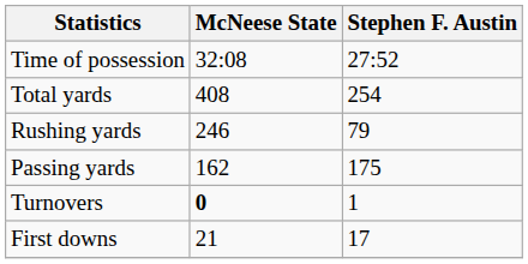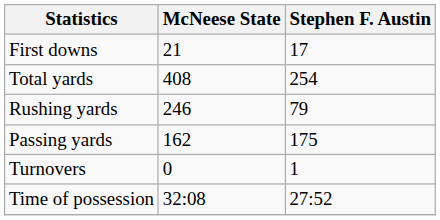 <table class="wikitable">
 <tr>
 <th>Statistics</th>
 <th>McNeese State</th>
 <th>Stephen F. Austin</th>
 </tr>
 <tr>
-<td>Time of possession</td>
-<td>32:08</td>
-<td>27:52</td>
+<td>First downs</td>
+<td>21</td>
+<td>17</td>
 </tr>
 <tr>
 <td>Total yards</td>
 <td>408</td>
 <td>254</td>
 </tr>
 <tr>
 <td>Rushing yards</td>
 <td>246</td>
 <td>79</td>
 </tr>
 <tr>
 <td>Passing yards</td>
 <td>162</td>
 <td>175</td>
 </tr>
 <tr>
 <td>Turnovers</td>
-<td><strong>0</strong></td>
+<td>0</td>
 <td>1</td>
 </tr>
 <tr>
-<td>First downs</td>
-<td>21</td>
-<td>17</td>
+<td>Time of possession</td>
+<td>32:08</td>
+<td>27:52</td>
 </tr>
 <tr>
 </tr>
 </table>
